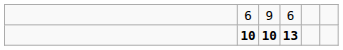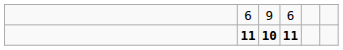 <table class="wikitable">
 <tr>
 <td style="width:18em"></td>
 <td align=center style="width:1em">6</td>
 <td align=center style="width:1em">9</td>
 <td align=center style="width:1em">6</td>
 <td align=center style="width:1em"></td>
 <td align=center style="width:1em"></td>
 </tr>
 <tr>
 <td style="width:18em"><strong></strong></td>
+<td align=center style="width:1em"><strong>11</strong></td>
 <td align=center style="width:1em"><strong>10</strong></td>
-<td align=center style="width:1em"><strong>10</strong></td>
-<td align=center style="width:1em"><strong>13</strong></td>
+<td align=center style="width:1em"><strong>11</strong></td>
 <td align=center style="width:1em"></td>
 <td align=center style="width:1em"></td>
 </tr>
 </table>
